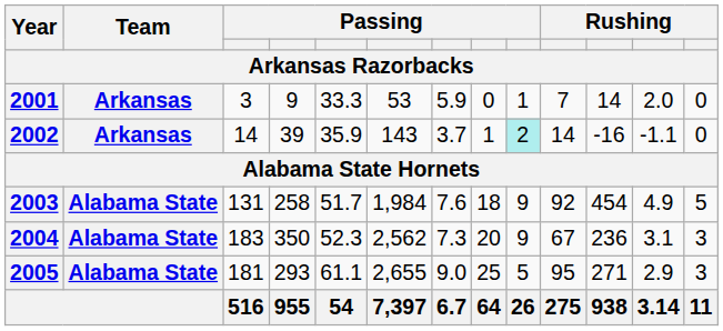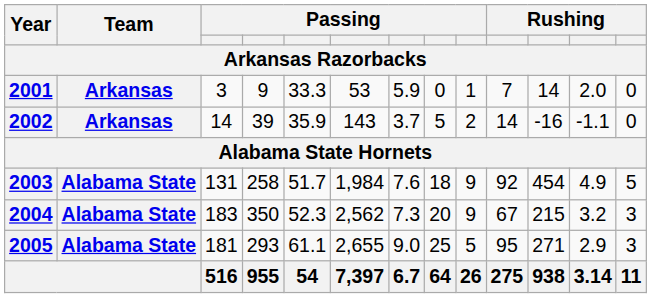 <table class="wikitable" style="text-align:center;">
 <tr>
 <th rowspan="2">Year</th>
 <th rowspan="2">Team</th>
 <th colspan="7">Passing</th>
 <th colspan="4">Rushing</th>
 </tr>
 <tr>
 <th></th>
 <th></th>
 <th></th>
 <th></th>
 <th></th>
 <th></th>
 <th></th>
 <th></th>
 <th></th>
 <th></th>
 <th></th>
 </tr>
 <tr>
 <th colspan="15">Arkansas Razorbacks</th>
 </tr>
 <tr>
 <th><a href='#'>2001</a></th>
 <th><a href='#'>Arkansas</a></th>
 <td>3</td>
 <td>9</td>
 <td>33.3</td>
 <td>53</td>
 <td>5.9</td>
 <td>0</td>
 <td>1</td>
 <td>7</td>
 <td>14</td>
 <td>2.0</td>
 <td>0</td>
 </tr>
 <tr>
 <th><a href='#'>2002</a></th>
 <th><a href='#'>Arkansas</a></th>
 <td>14</td>
 <td>39</td>
 <td>35.9</td>
 <td>143</td>
 <td>3.7</td>
-<td>1</td>
-<td style="background: paleturquoise;">2</td>
+<td>5</td>
+<td>2</td>
 <td>14</td>
 <td>-16</td>
 <td>-1.1</td>
 <td>0</td>
 </tr>
 <tr>
 <th colspan="15">Alabama State Hornets</th>
 </tr>
 <tr>
 <th><a href='#'>2003</a></th>
 <th><a href='#'>Alabama State</a></th>
 <td>131</td>
 <td>258</td>
 <td>51.7</td>
 <td>1,984</td>
 <td>7.6</td>
 <td>18</td>
 <td>9</td>
 <td>92</td>
 <td>454</td>
 <td>4.9</td>
 <td>5</td>
 </tr>
 <tr>
 <th><a href='#'>2004</a></th>
 <th><a href='#'>Alabama State</a></th>
 <td>183</td>
 <td>350</td>
 <td>52.3</td>
 <td>2,562</td>
 <td>7.3</td>
 <td>20</td>
 <td>9</td>
 <td>67</td>
-<td>236</td>
-<td>3.1</td>
+<td>215</td>
+<td>3.2</td>
 <td>3</td>
 </tr>
 <tr>
 <th><a href='#'>2005</a></th>
 <th><a href='#'>Alabama State</a></th>
 <td>181</td>
 <td>293</td>
 <td>61.1</td>
 <td>2,655</td>
 <td>9.0</td>
 <td>25</td>
 <td>5</td>
 <td>95</td>
 <td>271</td>
 <td>2.9</td>
 <td>3</td>
 </tr>
 <tr>
 <th colspan="2"></th>
 <th>516</th>
 <th>955</th>
 <th>54</th>
 <th>7,397</th>
 <th>6.7</th>
 <th>64</th>
 <th>26</th>
 <th>275</th>
 <th>938</th>
 <th>3.14</th>
 <th>11</th>
 </tr>
 </table>
